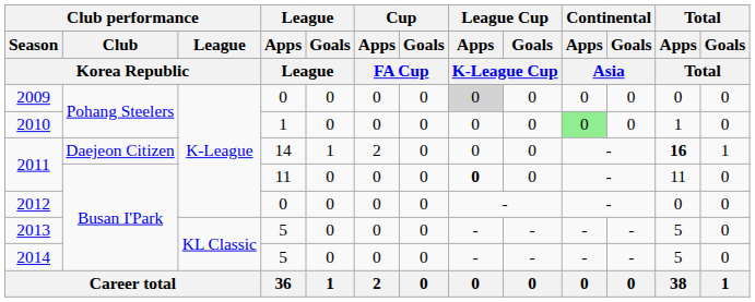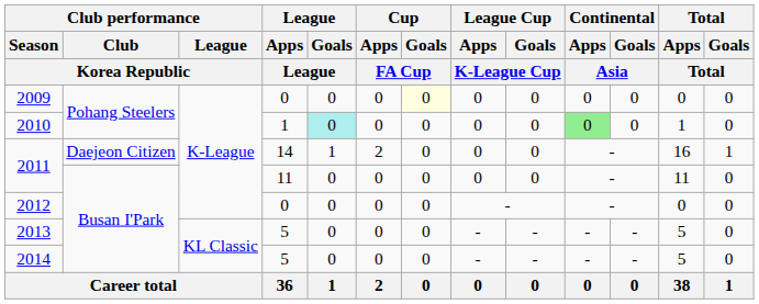 <table class="wikitable" style="text-align:center;">
 <tr>
 <th colspan=3>Club performance</th>
 <th colspan=2>League</th>
 <th colspan=2>Cup</th>
 <th colspan=2>League Cup</th>
 <th colspan=2>Continental</th>
 <th colspan=2>Total</th>
 </tr>
 <tr>
 <th>Season</th>
 <th>Club</th>
 <th>League</th>
 <th>Apps</th>
 <th>Goals</th>
 <th>Apps</th>
 <th>Goals</th>
 <th>Apps</th>
 <th>Goals</th>
 <th>Apps</th>
 <th>Goals</th>
 <th>Apps</th>
 <th>Goals</th>
 </tr>
 <tr>
 <th colspan=3>Korea Republic</th>
 <th colspan=2>League</th>
 <th colspan=2><a href='#'>FA Cup</a></th>
 <th colspan=2><a href='#'>K-League Cup</a></th>
 <th colspan=2><a href='#'>Asia</a></th>
 <th colspan=2>Total</th>
 </tr>
 <tr>
 <td><a href='#'>2009</a></td>
 <td rowspan=2><a href='#'>Pohang Steelers</a></td>
 <td rowspan=5><a href='#'>K-League</a></td>
 <td>0</td>
 <td>0</td>
 <td>0</td>
+<td style="background: lightyellow;">0</td>
 <td>0</td>
-<td style="background: lightgrey;">0</td>
 <td>0</td>
 <td>0</td>
 <td>0</td>
 <td>0</td>
 <td>0</td>
 </tr>
 <tr>
 <td><a href='#'>2010</a></td>
 <td>1</td>
-<td>0</td>
+<td style="background: paleturquoise;">0</td>
 <td>0</td>
 <td>0</td>
 <td>0</td>
 <td>0</td>
 <td style="background: lightgreen;">0</td>
 <td>0</td>
 <td>1</td>
 <td>0</td>
 </tr>
 <tr>
 <td rowspan=2><a href='#'>2011</a></td>
 <td rowspan=1><a href='#'>Daejeon Citizen</a></td>
 <td>14</td>
 <td>1</td>
 <td>2</td>
 <td>0</td>
 <td>0</td>
 <td>0</td>
 <td colspan="2">-</td>
-<td><strong>16</strong></td>
+<td>16</td>
 <td>1</td>
 </tr>
 <tr>
 <td rowspan=4><a href='#'>Busan I'Park</a></td>
 <td>11</td>
 <td>0</td>
 <td>0</td>
 <td>0</td>
-<td><strong>0</strong></td>
+<td>0</td>
 <td>0</td>
 <td colspan="2">-</td>
 <td>11</td>
 <td>0</td>
 </tr>
 <tr>
 <td><a href='#'>2012</a></td>
 <td>0</td>
 <td>0</td>
 <td>0</td>
 <td>0</td>
 <td colspan="2">-</td>
 <td colspan="2">-</td>
 <td>0</td>
 <td>0</td>
 </tr>
 <tr>
 <td><a href='#'>2013</a></td>
 <td rowspan="2"><a href='#'>KL Classic</a></td>
 <td>5</td>
 <td>0</td>
 <td>0</td>
 <td>0</td>
 <td>-</td>
 <td>-</td>
 <td>-</td>
 <td>-</td>
 <td>5</td>
 <td>0</td>
 </tr>
 <tr>
 <td><a href='#'>2014</a></td>
 <td>5</td>
 <td>0</td>
 <td>0</td>
 <td>0</td>
 <td>-</td>
 <td>-</td>
 <td>-</td>
 <td>-</td>
 <td>5</td>
 <td>0</td>
 </tr>
 <tr>
 <th colspan=3>Career total</th>
 <th>36</th>
 <th>1</th>
 <th>2</th>
 <th>0</th>
 <th>0</th>
 <th>0</th>
 <th>0</th>
 <th>0</th>
 <th>38</th>
 <th>1</th>
 </tr>
 </table>
